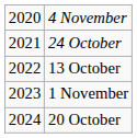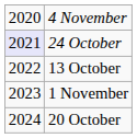 <table class="wikitable">
 <tr>
 <td>2020</td>
 <td><em>4 November</em></td>
 </tr>
 <tr>
-<td>2021</td>
+<td style="background: lavender;">2021</td>
 <td><em>24 October</em></td>
 </tr>
 <tr>
 <td>2022</td>
 <td>13 October</td>
 </tr>
 <tr>
 <td>2023</td>
 <td>1 November</td>
 </tr>
 <tr>
 <td>2024</td>
 <td>20 October</td>
 </tr>
 </table>
